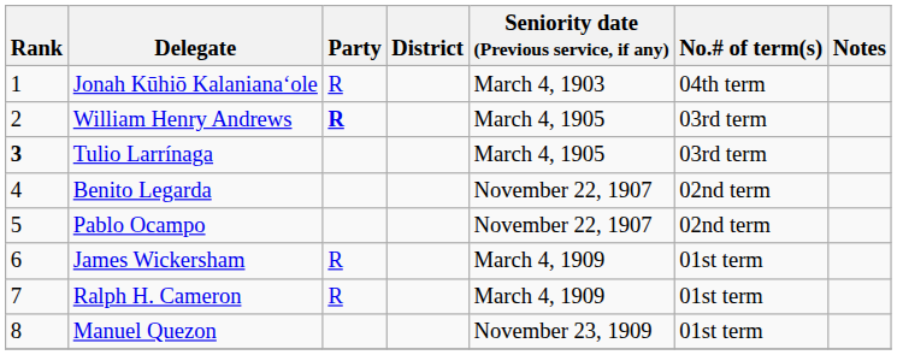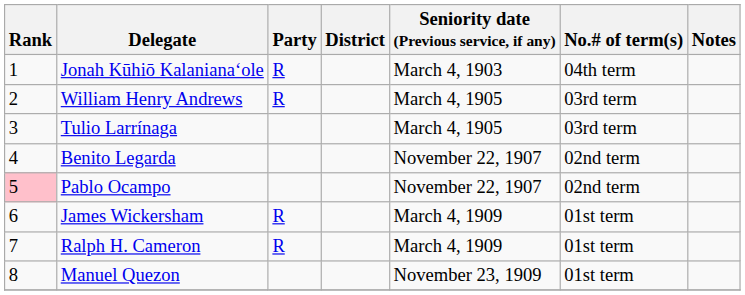 <table class="wikitable sortable">
 <tr valign=bottom>
 <th>Rank</th>
 <th>Delegate</th>
 <th>Party</th>
 <th>District</th>
 <th>Seniority date<br><small>(Previous service, if any)</small><br></th>
 <th>No.# of term(s)</th>
 <th>Notes</th>
 </tr>
 <tr>
 <td>1</td>
 <td><a href='#'>Jonah Kūhiō Kalanianaʻole</a></td>
 <td><a href='#'>R</a></td>
 <td></td>
 <td>March 4, 1903</td>
 <td>04th term</td>
 <td></td>
 </tr>
 <tr>
 <td>2</td>
 <td><a href='#'>William Henry Andrews</a></td>
-<td><strong><a href='#'>R</a></strong></td>
+<td><a href='#'>R</a></td>
 <td></td>
 <td>March 4, 1905</td>
 <td>03rd term</td>
 <td></td>
 </tr>
 <tr>
-<td><strong>3</strong></td>
+<td>3</td>
 <td><a href='#'>Tulio Larrínaga</a></td>
 <td></td>
 <td></td>
 <td>March 4, 1905</td>
 <td>03rd term</td>
 <td></td>
 </tr>
 <tr>
 <td>4</td>
 <td><a href='#'>Benito Legarda</a></td>
 <td></td>
 <td></td>
 <td>November 22, 1907</td>
 <td>02nd term</td>
 <td></td>
 </tr>
 <tr>
-<td>5</td>
+<td style="background: pink;">5</td>
 <td><a href='#'>Pablo Ocampo</a></td>
 <td></td>
 <td></td>
 <td>November 22, 1907</td>
 <td>02nd term</td>
 <td></td>
 </tr>
 <tr>
 <td>6</td>
 <td><a href='#'>James Wickersham</a></td>
 <td><a href='#'>R</a></td>
 <td></td>
 <td>March 4, 1909</td>
 <td>01st term</td>
 <td></td>
 </tr>
 <tr>
 <td>7</td>
 <td><a href='#'>Ralph H. Cameron</a></td>
 <td><a href='#'>R</a></td>
 <td></td>
 <td>March 4, 1909</td>
 <td>01st term</td>
 <td></td>
 </tr>
 <tr>
 <td>8</td>
 <td><a href='#'>Manuel Quezon</a></td>
 <td></td>
 <td></td>
 <td>November 23, 1909</td>
 <td>01st term</td>
 <td></td>
 </tr>
 <tr>
 </tr>
 </table>
